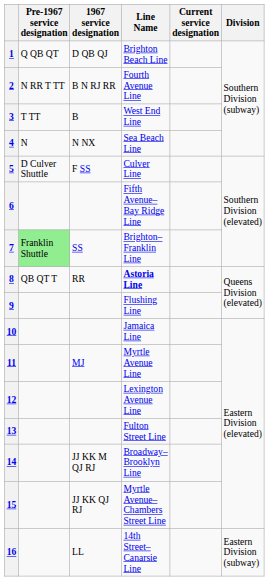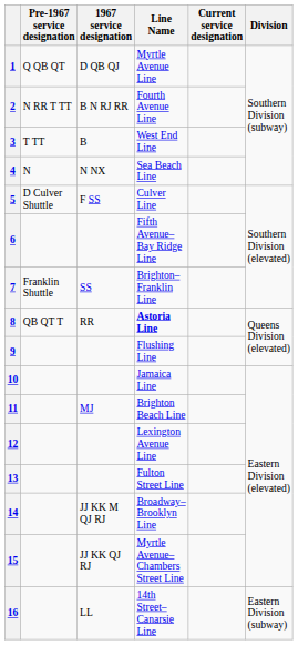 <table class="wikitable" style="float: right; margin: 0 0 1em 1em; width: 40%;">
 <tr>
 <th></th>
 <th>Pre-1967 service designation</th>
 <th>1967 service designation</th>
 <th>Line Name</th>
 <th>Current service designation</th>
 <th>Division</th>
 </tr>
 <tr>
 <th><a href='#'>1</a></th>
 <td>Q QB QT</td>
 <td>D QB QJ</td>
-<td><a href='#'>Brighton Beach Line</a></td>
+<td><a href='#'>Myrtle Avenue Line</a></td>
 <td></td>
 <td rowspan=4>Southern Division (subway)</td>
 </tr>
 <tr>
 <th><a href='#'>2</a></th>
 <td>N RR T TT</td>
 <td>B N RJ RR</td>
 <td><a href='#'>Fourth Avenue Line</a></td>
 <td></td>
 </tr>
 <tr>
 <th><a href='#'>3</a></th>
 <td>T TT</td>
 <td>B</td>
 <td><a href='#'>West End Line</a></td>
 <td></td>
 </tr>
 <tr>
 <th><a href='#'>4</a></th>
 <td>N</td>
 <td>N NX</td>
 <td><a href='#'>Sea Beach Line</a></td>
 <td></td>
 </tr>
 <tr>
 <th><a href='#'>5</a></th>
 <td>D Culver Shuttle</td>
 <td>F <a href='#'>SS</a></td>
 <td><a href='#'>Culver Line</a></td>
 <td></td>
 <td rowspan=3>Southern Division (elevated)</td>
 </tr>
 <tr>
 <th><a href='#'>6</a></th>
 <td></td>
 <td></td>
 <td><a href='#'>Fifth Avenue–Bay Ridge Line</a></td>
 <td></td>
 </tr>
 <tr>
 <th><a href='#'>7</a></th>
-<td style="background: lightgreen;">Franklin Shuttle</td>
+<td>Franklin Shuttle</td>
 <td><a href='#'>SS</a></td>
 <td><a href='#'>Brighton–Franklin Line</a></td>
 <td></td>
 </tr>
 <tr>
 <th><a href='#'>8</a></th>
 <td>QB QT T</td>
 <td>RR</td>
 <td><strong><a href='#'>Astoria Line</a></strong></td>
 <td></td>
 <td rowspan=2>Queens Division (elevated)</td>
 </tr>
 <tr>
 <th><a href='#'>9</a></th>
 <td></td>
 <td></td>
 <td><a href='#'>Flushing Line</a></td>
 <td></td>
 </tr>
 <tr>
 <th><a href='#'>10</a></th>
 <td></td>
 <td></td>
 <td><a href='#'>Jamaica Line</a></td>
 <td></td>
 <td rowspan=6>Eastern Division (elevated)</td>
 </tr>
 <tr>
 <th><a href='#'>11</a></th>
 <td></td>
 <td><a href='#'>MJ</a></td>
-<td><a href='#'>Myrtle Avenue Line</a></td>
+<td><a href='#'>Brighton Beach Line</a></td>
 <td></td>
 </tr>
 <tr>
 <th><a href='#'>12</a></th>
 <td></td>
 <td></td>
 <td><a href='#'>Lexington Avenue Line</a></td>
 <td></td>
 </tr>
 <tr>
 <th><a href='#'>13</a></th>
 <td></td>
 <td></td>
 <td><a href='#'>Fulton Street Line</a></td>
 <td></td>
 </tr>
 <tr>
 <th><a href='#'>14</a></th>
 <td></td>
 <td>JJ KK M QJ RJ</td>
 <td><a href='#'>Broadway–Brooklyn Line</a></td>
 <td></td>
 </tr>
 <tr>
 <th><a href='#'>15</a></th>
 <td></td>
 <td>JJ KK QJ RJ</td>
 <td><a href='#'>Myrtle Avenue–Chambers Street Line</a></td>
 <td></td>
 </tr>
 <tr>
 <th><a href='#'>16</a></th>
 <td></td>
 <td>LL</td>
 <td><a href='#'>14th Street–Canarsie Line</a></td>
 <td></td>
 <td>Eastern Division (subway)</td>
 </tr>
 </table>
